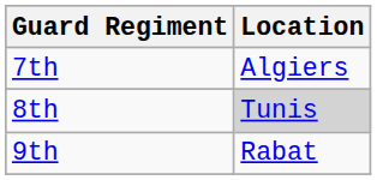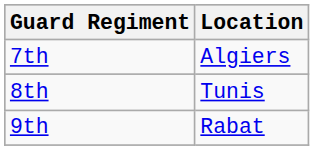 <table class="wikitable">
 <tr>
 <th>Guard Regiment</th>
 <th>Location</th>
 </tr>
 <tr>
 <td><a href='#'>7th</a></td>
 <td><a href='#'>Algiers</a></td>
 </tr>
 <tr>
 <td><a href='#'>8th</a></td>
-<td style="background: lightgrey;"><a href='#'>Tunis</a></td>
+<td><a href='#'>Tunis</a></td>
 </tr>
 <tr>
 <td><a href='#'>9th</a></td>
 <td><a href='#'>Rabat</a></td>
 </tr>
 </table>
